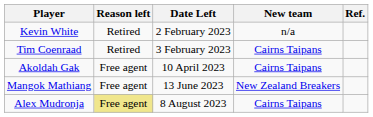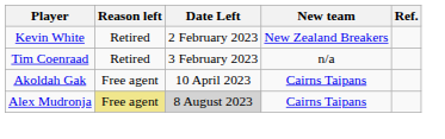 <table class="wikitable sortable sortable" style="text-align: center">
 <tr>
 <th>Player</th>
 <th>Reason left</th>
 <th>Date Left</th>
 <th>New team</th>
 <th>Ref.</th>
 </tr>
 <tr>
 <td><a href='#'>Kevin White</a></td>
 <td>Retired</td>
 <td>2 February 2023</td>
-<td>n/a</td>
+<td><a href='#'>New Zealand Breakers</a></td>
 <td></td>
 </tr>
 <tr>
 <td><a href='#'>Tim Coenraad</a></td>
 <td>Retired</td>
 <td>3 February 2023</td>
-<td><a href='#'>Cairns Taipans</a></td>
+<td>n/a</td>
 <td></td>
 </tr>
 <tr>
 <td><a href='#'>Akoldah Gak</a></td>
 <td>Free agent</td>
 <td>10 April 2023</td>
 <td><a href='#'>Cairns Taipans</a></td>
 <td></td>
 </tr>
 <tr>
-<td><a href='#'>Mangok Mathiang</a></td>
-<td>Free agent</td>
-<td>13 June 2023</td>
-<td><a href='#'>New Zealand Breakers</a></td>
-<td></td>
-</tr>
-<tr>
 <td><a href='#'>Alex Mudronja</a></td>
 <td style="background: khaki;">Free agent</td>
-<td>8 August 2023</td>
+<td style="background: lightgrey;">8 August 2023</td>
 <td><a href='#'>Cairns Taipans</a></td>
 <td></td>
 </tr>
 </table>
